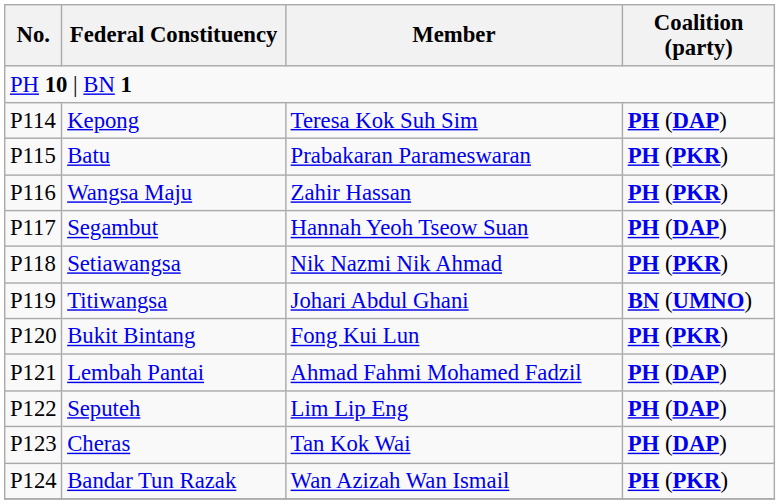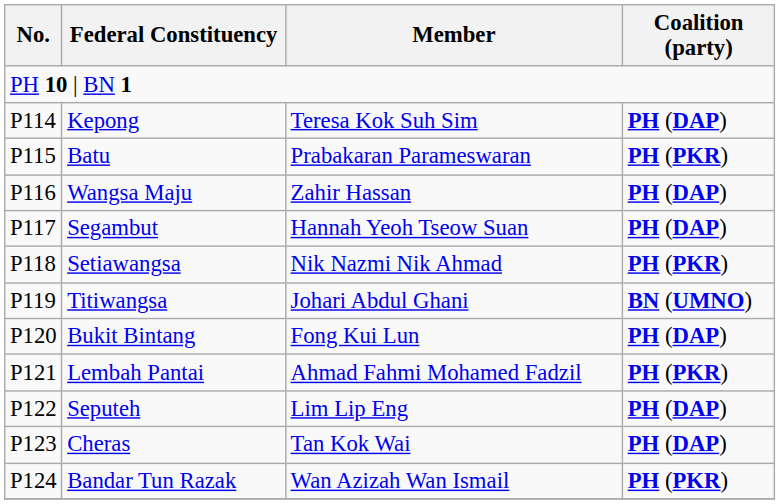 <table class="wikitable sortable">
 <tr>
 <th style="width:30px;">No.</th>
 <th style="width:150px;">Federal Constituency</th>
 <th style="width:230px;">Member</th>
 <th style="width:100px;">Coalition (party)</th>
 </tr>
 <tr>
 <td colspan="4"><a href='#'>PH</a> <strong>10</strong> | <a href='#'>BN</a> <strong>1</strong></td>
 </tr>
 <tr>
 <td>P114</td>
 <td><a href='#'>Kepong</a></td>
 <td><a href='#'>Teresa Kok Suh Sim</a></td>
 <td><strong><a href='#'>PH</a></strong> (<strong><a href='#'>DAP</a></strong>)</td>
 </tr>
 <tr>
 <td>P115</td>
 <td><a href='#'>Batu</a></td>
 <td><a href='#'>Prabakaran Parameswaran</a></td>
 <td><strong><a href='#'>PH</a></strong> (<strong><a href='#'>PKR</a></strong>)</td>
 </tr>
 <tr>
 <td>P116</td>
 <td><a href='#'>Wangsa Maju</a></td>
 <td><a href='#'>Zahir Hassan</a></td>
-<td><strong><a href='#'>PH</a></strong> (<strong><a href='#'>PKR</a></strong>)</td>
+<td><strong><a href='#'>PH</a></strong> (<strong><a href='#'>DAP</a></strong>)</td>
 </tr>
 <tr>
 <td>P117</td>
 <td><a href='#'>Segambut</a></td>
 <td><a href='#'>Hannah Yeoh Tseow Suan</a></td>
 <td><strong><a href='#'>PH</a></strong> (<strong><a href='#'>DAP</a></strong>)</td>
 </tr>
 <tr>
 <td>P118</td>
 <td><a href='#'>Setiawangsa</a></td>
 <td><a href='#'>Nik Nazmi Nik Ahmad</a></td>
 <td><strong><a href='#'>PH</a></strong> (<strong><a href='#'>PKR</a></strong>)</td>
 </tr>
 <tr>
 <td>P119</td>
 <td><a href='#'>Titiwangsa</a></td>
 <td><a href='#'>Johari Abdul Ghani</a></td>
 <td><strong><a href='#'>BN</a></strong> (<strong><a href='#'>UMNO</a></strong>)</td>
 </tr>
 <tr>
 <td>P120</td>
 <td><a href='#'>Bukit Bintang</a></td>
 <td><a href='#'>Fong Kui Lun</a></td>
-<td><strong><a href='#'>PH</a></strong> (<strong><a href='#'>PKR</a></strong>)</td>
+<td><strong><a href='#'>PH</a></strong> (<strong><a href='#'>DAP</a></strong>)</td>
 </tr>
 <tr>
 <td>P121</td>
 <td><a href='#'>Lembah Pantai</a></td>
 <td><a href='#'>Ahmad Fahmi Mohamed Fadzil</a></td>
-<td><strong><a href='#'>PH</a></strong> (<strong><a href='#'>DAP</a></strong>)</td>
+<td><strong><a href='#'>PH</a></strong> (<strong><a href='#'>PKR</a></strong>)</td>
 </tr>
 <tr>
 <td>P122</td>
 <td><a href='#'>Seputeh</a></td>
 <td><a href='#'>Lim Lip Eng</a></td>
 <td><strong><a href='#'>PH</a></strong> (<strong><a href='#'>DAP</a></strong>)</td>
 </tr>
 <tr>
 <td>P123</td>
 <td><a href='#'>Cheras</a></td>
 <td><a href='#'>Tan Kok Wai</a></td>
 <td><strong><a href='#'>PH</a></strong> (<strong><a href='#'>DAP</a></strong>)</td>
 </tr>
 <tr>
 <td>P124</td>
 <td><a href='#'>Bandar Tun Razak</a></td>
 <td><a href='#'>Wan Azizah Wan Ismail</a></td>
 <td><strong><a href='#'>PH</a></strong> (<strong><a href='#'>PKR</a></strong>)</td>
 </tr>
 <tr>
 </tr>
 </table>
